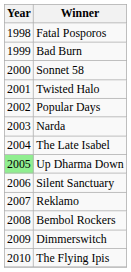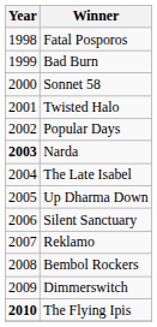 <table class="wikitable">
 <tr>
 <th>Year</th>
 <th>Winner</th>
 </tr>
 <tr>
 <td>1998</td>
 <td>Fatal Posporos</td>
 </tr>
 <tr>
 <td>1999</td>
 <td>Bad Burn</td>
 </tr>
 <tr>
 <td>2000</td>
 <td>Sonnet 58</td>
 </tr>
 <tr>
 <td>2001</td>
 <td>Twisted Halo</td>
 </tr>
 <tr>
 <td>2002</td>
 <td>Popular Days</td>
 </tr>
 <tr>
-<td>2003</td>
+<td><strong>2003</strong></td>
 <td>Narda</td>
 </tr>
 <tr>
 <td>2004</td>
 <td>The Late Isabel</td>
 </tr>
 <tr>
-<td style="background: lightgreen;">2005</td>
+<td>2005</td>
 <td>Up Dharma Down</td>
 </tr>
 <tr>
 <td>2006</td>
 <td>Silent Sanctuary</td>
 </tr>
 <tr>
 <td>2007</td>
 <td>Reklamo</td>
 </tr>
 <tr>
 <td>2008</td>
 <td>Bembol Rockers</td>
 </tr>
 <tr>
 <td>2009</td>
 <td>Dimmerswitch</td>
 </tr>
 <tr>
-<td>2010</td>
+<td><strong>2010</strong></td>
 <td>The Flying Ipis</td>
 </tr>
 <tr>
 </tr>
 </table>
